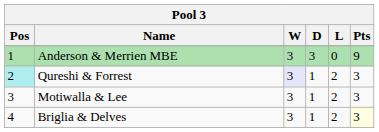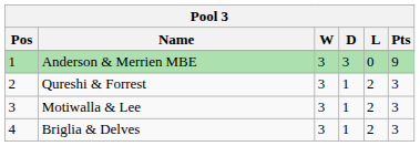 <table class="wikitable">
 <tr>
 <th colspan="6">Pool 3</th>
 </tr>
 <tr>
 <th width=30>Pos</th>
 <th width=300>Name</th>
 <th width=20>W</th>
 <th width=20>D</th>
 <th width=20>L</th>
 <th width=20>Pts</th>
 </tr>
 <tr>
 </tr>
 <tr style="background:#ACE1AF;">
 <td>1</td>
 <td> Anderson &  Merrien MBE</td>
 <td>3</td>
 <td>3</td>
 <td>0</td>
 <td>9</td>
 </tr>
 <tr>
-<td style="background: paleturquoise;">2</td>
+<td>2</td>
 <td> Qureshi &  Forrest</td>
-<td style="background: lavender;">3</td>
+<td>3</td>
 <td>1</td>
 <td>2</td>
 <td>3</td>
 </tr>
 <tr>
 <td>3</td>
 <td> Motiwalla & Lee</td>
 <td>3</td>
 <td>1</td>
 <td>2</td>
 <td>3</td>
 </tr>
 <tr>
 <td>4</td>
 <td> Briglia & Delves</td>
 <td>3</td>
 <td>1</td>
 <td>2</td>
-<td style="background: lightyellow;">3</td>
+<td>3</td>
 </tr>
 </table>
